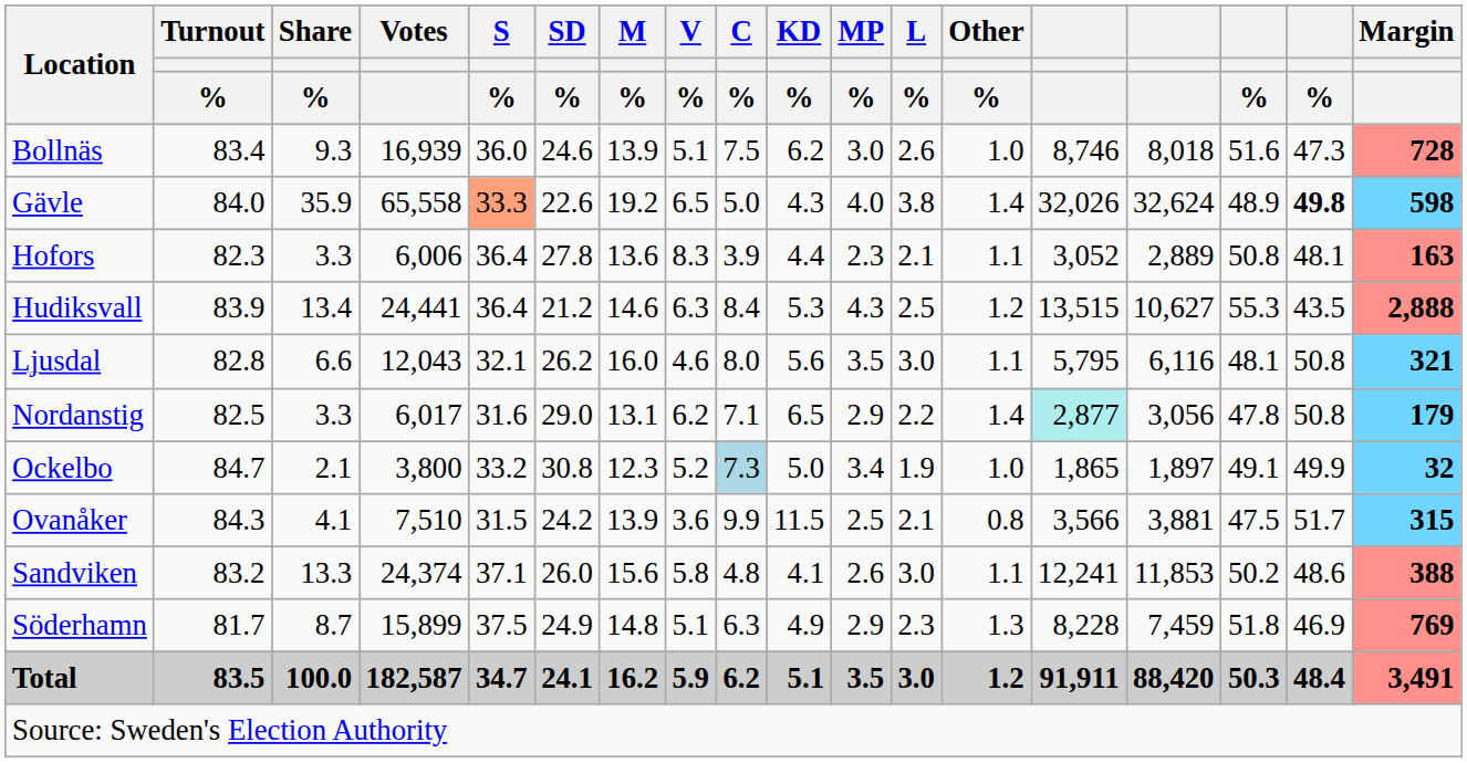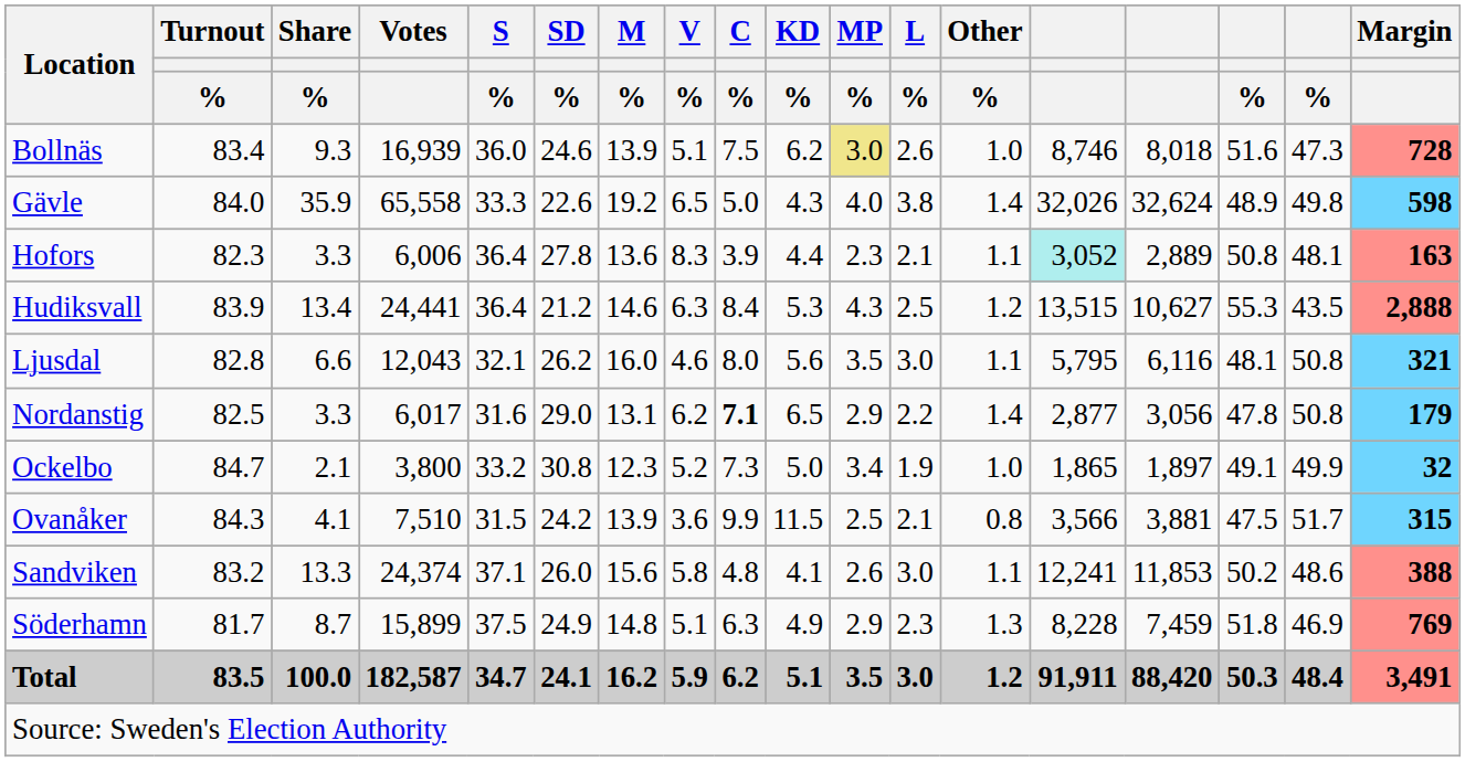 <table class="wikitable sortable" style="text-align:right; font-size:95%; line-height:20px;">
 <tr>
 <th rowspan="3">Location</th>
 <th>Turnout</th>
 <th>Share</th>
 <th>Votes</th>
 <th width="30px" class="unsortable"><a href='#'>S</a></th>
 <th width="30px" class="unsortable"><a href='#'>SD</a></th>
 <th width="30px" class="unsortable"><a href='#'>M</a></th>
 <th width="30px" class="unsortable"><a href='#'>V</a></th>
 <th width="30px" class="unsortable"><a href='#'>C</a></th>
 <th width="30px" class="unsortable"><a href='#'>KD</a></th>
 <th width="30px" class="unsortable"><a href='#'>MP</a></th>
 <th width="30px" class="unsortable"><a href='#'>L</a></th>
 <th width="30px" class="unsortable">Other</th>
 <th></th>
 <th></th>
 <th></th>
 <th></th>
 <th>Margin</th>
 </tr>
 <tr>
 <th></th>
 <th></th>
 <th></th>
 <th style="background:"></th>
 <th style="background:"></th>
 <th style="background:"></th>
 <th style="background:"></th>
 <th style="background:"></th>
 <th style="background:"></th>
 <th style="background:"></th>
 <th style="background:"></th>
 <th style="background:"></th>
 <th style="background:"></th>
 <th style="background:"></th>
 <th style="background:"></th>
 <th style="background:"></th>
 <th></th>
 </tr>
 <tr>
 <th data-sort-type="number">%</th>
 <th data-sort-type="number">%</th>
 <th></th>
 <th data-sort-type="number">%</th>
 <th data-sort-type="number">%</th>
 <th data-sort-type="number">%</th>
 <th data-sort-type="number">%</th>
 <th data-sort-type="number">%</th>
 <th data-sort-type="number">%</th>
 <th data-sort-type="number">%</th>
 <th data-sort-type="number">%</th>
 <th data-sort-type="number">%</th>
 <th data-sort-type="number"></th>
 <th data-sort-type="number"></th>
 <th data-sort-type="number">%</th>
 <th data-sort-type="number">%</th>
 <th data-sort-type="number"></th>
 </tr>
 <tr>
 <td align="left"><a href='#'>Bollnäs</a></td>
 <td>83.4</td>
 <td>9.3</td>
 <td>16,939</td>
 <td>36.0</td>
 <td>24.6</td>
 <td>13.9</td>
 <td>5.1</td>
 <td>7.5</td>
 <td>6.2</td>
-<td>3.0</td>
+<td style="background: khaki;">3.0</td>
 <td>2.6</td>
 <td>1.0</td>
 <td>8,746</td>
 <td>8,018</td>
 <td>51.6</td>
 <td>47.3</td>
 <td bgcolor=#ff908c><strong>728</strong></td>
 </tr>
 <tr>
 <td align="left"><a href='#'>Gävle</a></td>
 <td>84.0</td>
 <td>35.9</td>
 <td>65,558</td>
-<td style="background: lightsalmon;">33.3</td>
+<td>33.3</td>
 <td>22.6</td>
 <td>19.2</td>
 <td>6.5</td>
 <td>5.0</td>
 <td>4.3</td>
 <td>4.0</td>
 <td>3.8</td>
 <td>1.4</td>
 <td>32,026</td>
 <td>32,624</td>
 <td>48.9</td>
-<td><strong>49.8</strong></td>
+<td>49.8</td>
 <td bgcolor=#6fd5fe><strong>598</strong></td>
 </tr>
 <tr>
 <td align="left"><a href='#'>Hofors</a></td>
 <td>82.3</td>
 <td>3.3</td>
 <td>6,006</td>
 <td>36.4</td>
 <td>27.8</td>
 <td>13.6</td>
 <td>8.3</td>
 <td>3.9</td>
 <td>4.4</td>
 <td>2.3</td>
 <td>2.1</td>
 <td>1.1</td>
-<td>3,052</td>
+<td style="background: paleturquoise;">3,052</td>
 <td>2,889</td>
 <td>50.8</td>
 <td>48.1</td>
 <td bgcolor=#ff908c><strong>163</strong></td>
 </tr>
 <tr>
 <td align="left"><a href='#'>Hudiksvall</a></td>
 <td>83.9</td>
 <td>13.4</td>
 <td>24,441</td>
 <td>36.4</td>
 <td>21.2</td>
 <td>14.6</td>
 <td>6.3</td>
 <td>8.4</td>
 <td>5.3</td>
 <td>4.3</td>
 <td>2.5</td>
 <td>1.2</td>
 <td>13,515</td>
 <td>10,627</td>
 <td>55.3</td>
 <td>43.5</td>
 <td bgcolor=#ff908c><strong>2,888</strong></td>
 </tr>
 <tr>
 <td align="left"><a href='#'>Ljusdal</a></td>
 <td>82.8</td>
 <td>6.6</td>
 <td>12,043</td>
 <td>32.1</td>
 <td>26.2</td>
 <td>16.0</td>
 <td>4.6</td>
 <td>8.0</td>
 <td>5.6</td>
 <td>3.5</td>
 <td>3.0</td>
 <td>1.1</td>
 <td>5,795</td>
 <td>6,116</td>
 <td>48.1</td>
 <td>50.8</td>
 <td bgcolor=#6fd5fe><strong>321</strong></td>
 </tr>
 <tr>
 <td align="left"><a href='#'>Nordanstig</a></td>
 <td>82.5</td>
 <td>3.3</td>
 <td>6,017</td>
 <td>31.6</td>
 <td>29.0</td>
 <td>13.1</td>
 <td>6.2</td>
-<td>7.1</td>
+<td><strong>7.1</strong></td>
 <td>6.5</td>
 <td>2.9</td>
 <td>2.2</td>
 <td>1.4</td>
-<td style="background: paleturquoise;">2,877</td>
+<td>2,877</td>
 <td>3,056</td>
 <td>47.8</td>
 <td>50.8</td>
 <td bgcolor=#6fd5fe><strong>179</strong></td>
 </tr>
 <tr>
 <td align="left"><a href='#'>Ockelbo</a></td>
 <td>84.7</td>
 <td>2.1</td>
 <td>3,800</td>
 <td>33.2</td>
 <td>30.8</td>
 <td>12.3</td>
 <td>5.2</td>
-<td style="background: lightblue;">7.3</td>
+<td>7.3</td>
 <td>5.0</td>
 <td>3.4</td>
 <td>1.9</td>
 <td>1.0</td>
 <td>1,865</td>
 <td>1,897</td>
 <td>49.1</td>
 <td>49.9</td>
 <td bgcolor=#6fd5fe><strong>32</strong></td>
 </tr>
 <tr>
 <td align="left"><a href='#'>Ovanåker</a></td>
 <td>84.3</td>
 <td>4.1</td>
 <td>7,510</td>
 <td>31.5</td>
 <td>24.2</td>
 <td>13.9</td>
 <td>3.6</td>
 <td>9.9</td>
 <td>11.5</td>
 <td>2.5</td>
 <td>2.1</td>
 <td>0.8</td>
 <td>3,566</td>
 <td>3,881</td>
 <td>47.5</td>
 <td>51.7</td>
 <td bgcolor=#6fd5fe><strong>315</strong></td>
 </tr>
 <tr>
 <td align="left"><a href='#'>Sandviken</a></td>
 <td>83.2</td>
 <td>13.3</td>
 <td>24,374</td>
 <td>37.1</td>
 <td>26.0</td>
 <td>15.6</td>
 <td>5.8</td>
 <td>4.8</td>
 <td>4.1</td>
 <td>2.6</td>
 <td>3.0</td>
 <td>1.1</td>
 <td>12,241</td>
 <td>11,853</td>
 <td>50.2</td>
 <td>48.6</td>
 <td bgcolor=#ff908c><strong>388</strong></td>
 </tr>
 <tr>
 <td align="left"><a href='#'>Söderhamn</a></td>
 <td>81.7</td>
 <td>8.7</td>
 <td>15,899</td>
 <td>37.5</td>
 <td>24.9</td>
 <td>14.8</td>
 <td>5.1</td>
 <td>6.3</td>
 <td>4.9</td>
 <td>2.9</td>
 <td>2.3</td>
 <td>1.3</td>
 <td>8,228</td>
 <td>7,459</td>
 <td>51.8</td>
 <td>46.9</td>
 <td bgcolor=#ff908c><strong>769</strong></td>
 </tr>
 <tr style="background:#CDCDCD;">
 <td align="left"><strong>Total</strong></td>
 <td><strong>83.5</strong></td>
 <td><strong>100.0</strong></td>
 <td><strong>182,587</strong></td>
 <td><strong>34.7</strong></td>
 <td><strong>24.1</strong></td>
 <td><strong>16.2</strong></td>
 <td><strong>5.9</strong></td>
 <td><strong>6.2</strong></td>
 <td><strong>5.1</strong></td>
 <td><strong>3.5</strong></td>
 <td><strong>3.0</strong></td>
 <td><strong>1.2</strong></td>
 <td><strong>91,911</strong></td>
 <td><strong>88,420</strong></td>
 <td><strong>50.3</strong></td>
 <td><strong>48.4</strong></td>
 <td bgcolor=#ff908c><strong>3,491</strong></td>
 </tr>
 <tr>
 <td colspan="18" align="left">Source: Sweden's <a href='#'>Election Authority</a></td>
 </tr>
 </table>
